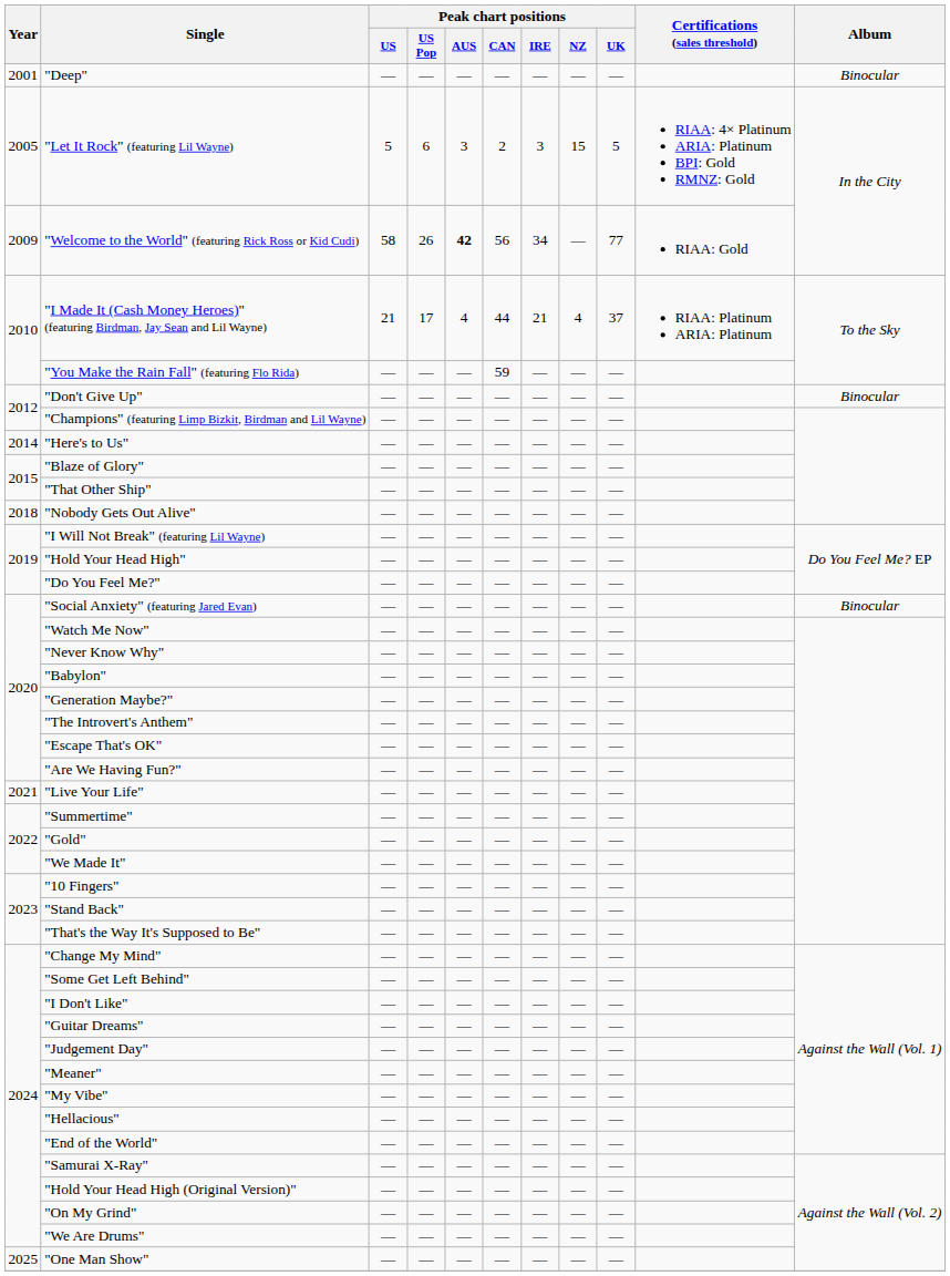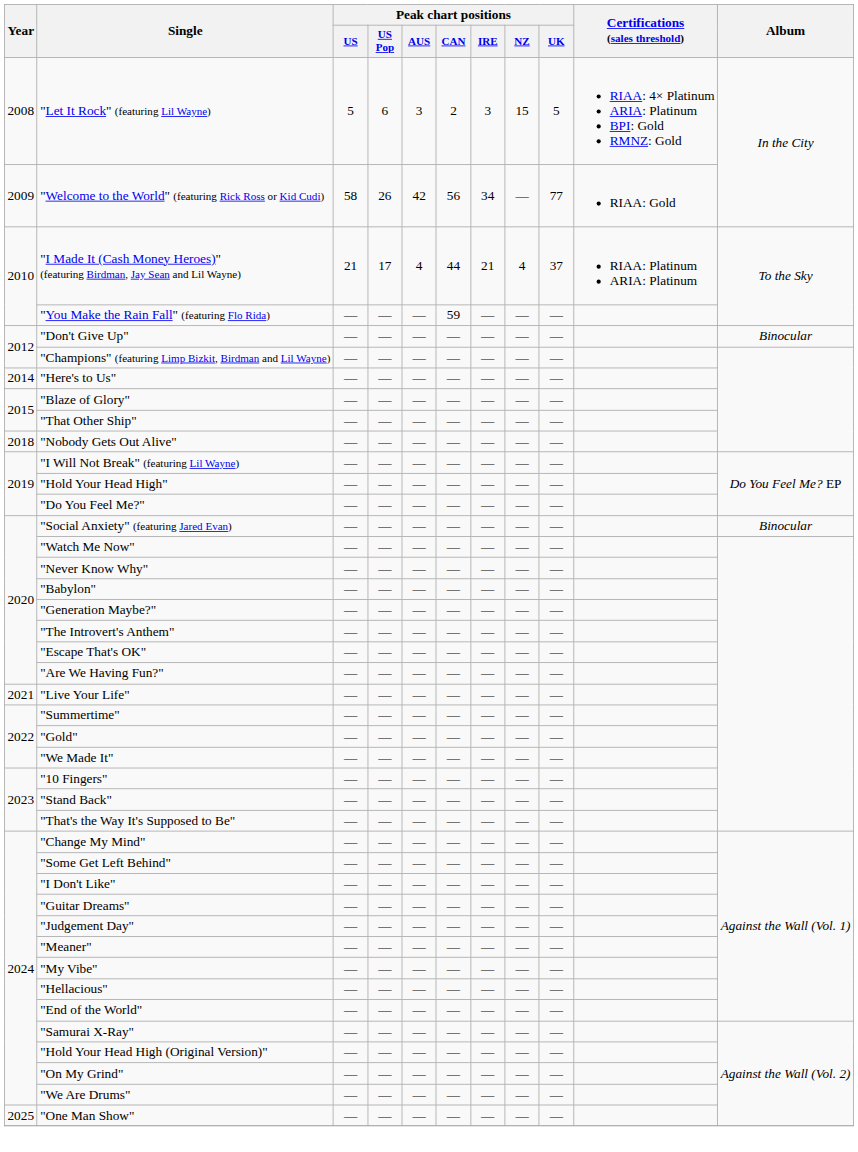 <table class="wikitable" style="text-align:center;">
 <tr>
 <th rowspan="2">Year</th>
 <th rowspan="2">Single</th>
 <th colspan="7">Peak chart positions</th>
 <th rowspan="2"><a href='#'>Certifications</a><br><small>(<a href='#'>sales threshold</a>)</small></th>
 <th rowspan="2">Album</th>
 </tr>
 <tr style="font-size:smaller;">
 <th style="width:35px;"><a href='#'>US</a><br></th>
 <th style="width:35px;"><a href='#'>US Pop</a><br></th>
 <th style="width:35px;"><a href='#'>AUS</a><br></th>
 <th style="width:35px;"><a href='#'>CAN</a><br></th>
 <th style="width:35px;"><a href='#'>IRE</a><br></th>
 <th style="width:35px;"><a href='#'>NZ</a><br></th>
 <th style="width:35px;"><a href='#'>UK</a><br></th>
 </tr>
 <tr>
-<td>2001</td>
-<td style="text-align:left;">"Deep"</td>
-<td>―</td>
-<td>―</td>
-<td>―</td>
-<td>―</td>
-<td>―</td>
-<td>―</td>
-<td>―</td>
-<td></td>
-<td><em>Binocular</em></td>
-</tr>
-<tr>
-<td>2005</td>
+<td>2008</td>
 <td style="text-align:left;">"<a href='#'>Let It Rock</a>" <small>(featuring <a href='#'>Lil Wayne</a>)</small></td>
 <td>5</td>
 <td>6</td>
 <td>3</td>
 <td>2</td>
 <td>3</td>
 <td>15</td>
 <td>5</td>
 <td style="text-align:left;"><br><ul><li><a href='#'>RIAA</a>: 4× Platinum</li><li><a href='#'>ARIA</a>: Platinum</li><li><a href='#'>BPI</a>: Gold</li><li><a href='#'>RMNZ</a>: Gold</li></ul></td>
 <td rowspan="2"><em>In the City</em></td>
 </tr>
 <tr>
 <td>2009</td>
 <td style="text-align:left;">"<a href='#'>Welcome to the World</a>" <small>(featuring <a href='#'>Rick Ross</a> or <a href='#'>Kid Cudi</a>)</small></td>
 <td>58</td>
 <td>26</td>
-<td><strong>42</strong></td>
+<td>42</td>
 <td>56</td>
 <td>34</td>
 <td>―</td>
 <td>77</td>
 <td style="text-align:left;"><br><ul><li>RIAA: Gold</li></ul></td>
 </tr>
 <tr>
 <td style="text-align:left;" rowspan="2">2010</td>
 <td style="text-align:left;">"<a href='#'>I Made It (Cash Money Heroes)</a>"<br><small>(featuring <a href='#'>Birdman</a>, <a href='#'>Jay Sean</a> and Lil Wayne)</small></td>
 <td>21</td>
 <td>17</td>
 <td>4</td>
 <td>44</td>
 <td>21</td>
 <td>4</td>
 <td>37</td>
 <td style="text-align:left;"><br><ul><li>RIAA: Platinum</li><li>ARIA: Platinum</li></ul></td>
 <td rowspan="2"><em>To the Sky</em></td>
 </tr>
 <tr>
 <td style="text-align:left;">"<a href='#'>You Make the Rain Fall</a>" <small>(featuring <a href='#'>Flo Rida</a>)</small></td>
 <td>―</td>
 <td>―</td>
 <td>―</td>
 <td>59</td>
 <td>―</td>
 <td>―</td>
 <td>―</td>
 <td></td>
 </tr>
 <tr>
 <td style="text-align:left;" rowspan="2">2012</td>
 <td style="text-align:left;">"Don't Give Up"</td>
 <td>―</td>
 <td>―</td>
 <td>―</td>
 <td>―</td>
 <td>―</td>
 <td>―</td>
 <td>―</td>
 <td></td>
 <td><em>Binocular</em></td>
 </tr>
 <tr>
 <td style="text-align:left;">"Champions" <small>(featuring <a href='#'>Limp Bizkit</a>, <a href='#'>Birdman</a> and <a href='#'>Lil Wayne</a>)</small></td>
 <td>―</td>
 <td>―</td>
 <td>―</td>
 <td>―</td>
 <td>―</td>
 <td>―</td>
 <td>―</td>
 <td></td>
 </tr>
 <tr>
 <td style="text-align:left;">2014</td>
 <td style="text-align:left;">"Here's to Us"</td>
 <td>―</td>
 <td>―</td>
 <td>―</td>
 <td>―</td>
 <td>―</td>
 <td>―</td>
 <td>―</td>
 <td></td>
 </tr>
 <tr>
 <td style="text-align:left;" rowspan="2">2015</td>
 <td style="text-align:left;">"Blaze of Glory"</td>
 <td>―</td>
 <td>―</td>
 <td>―</td>
 <td>―</td>
 <td>―</td>
 <td>―</td>
 <td>―</td>
 <td></td>
 </tr>
 <tr>
 <td style="text-align:left;">"That Other Ship"</td>
 <td>―</td>
 <td>―</td>
 <td>―</td>
 <td>―</td>
 <td>―</td>
 <td>―</td>
 <td>―</td>
 <td></td>
 </tr>
 <tr>
 <td style="text-align:left;">2018</td>
 <td style="text-align:left;">"Nobody Gets Out Alive"</td>
 <td>―</td>
 <td>―</td>
 <td>―</td>
 <td>―</td>
 <td>―</td>
 <td>―</td>
 <td>―</td>
 <td></td>
 </tr>
 <tr>
 <td style="text-align:left;" rowspan="3">2019</td>
 <td style="text-align:left;">"I Will Not Break" <small>(featuring <a href='#'>Lil Wayne</a>)</small></td>
 <td>―</td>
 <td>―</td>
 <td>―</td>
 <td>―</td>
 <td>―</td>
 <td>―</td>
 <td>―</td>
 <td></td>
 <td rowspan="3"><em>Do You Feel Me?</em> EP</td>
 </tr>
 <tr>
 <td style="text-align:left;">"Hold Your Head High"</td>
 <td>―</td>
 <td>―</td>
 <td>―</td>
 <td>―</td>
 <td>―</td>
 <td>―</td>
 <td>―</td>
 <td></td>
 </tr>
 <tr>
 <td style="text-align:left;">"Do You Feel Me?"</td>
 <td>―</td>
 <td>―</td>
 <td>―</td>
 <td>―</td>
 <td>―</td>
 <td>―</td>
 <td>―</td>
 <td></td>
 </tr>
 <tr>
 <td style="text-align:left;" rowspan="8">2020</td>
 <td style="text-align:left;">"Social Anxiety" <small>(featuring <a href='#'>Jared Evan</a>)</small></td>
 <td>―</td>
 <td>―</td>
 <td>―</td>
 <td>―</td>
 <td>―</td>
 <td>―</td>
 <td>―</td>
 <td></td>
 <td><em>Binocular</em></td>
 </tr>
 <tr>
 <td style="text-align:left;">"Watch Me Now"</td>
 <td>―</td>
 <td>―</td>
 <td>―</td>
 <td>―</td>
 <td>―</td>
 <td>―</td>
 <td>―</td>
 <td></td>
 </tr>
 <tr>
 <td style="text-align:left;">"Never Know Why"</td>
 <td>―</td>
 <td>―</td>
 <td>―</td>
 <td>―</td>
 <td>―</td>
 <td>―</td>
 <td>―</td>
 <td></td>
 </tr>
 <tr>
 <td style="text-align:left;">"Babylon"</td>
 <td>―</td>
 <td>―</td>
 <td>―</td>
 <td>―</td>
 <td>―</td>
 <td>―</td>
 <td>―</td>
 <td></td>
 </tr>
 <tr>
 <td style="text-align:left;">"Generation Maybe?"</td>
 <td>―</td>
 <td>―</td>
 <td>―</td>
 <td>―</td>
 <td>―</td>
 <td>―</td>
 <td>―</td>
 <td></td>
 </tr>
 <tr>
 <td style="text-align:left;">"The Introvert's Anthem"</td>
 <td>―</td>
 <td>―</td>
 <td>―</td>
 <td>―</td>
 <td>―</td>
 <td>―</td>
 <td>―</td>
 <td></td>
 </tr>
 <tr>
 <td style="text-align:left;">"Escape That's OK"</td>
 <td>―</td>
 <td>―</td>
 <td>―</td>
 <td>―</td>
 <td>―</td>
 <td>―</td>
 <td>―</td>
 <td></td>
 </tr>
 <tr>
 <td style="text-align:left;">"Are We Having Fun?"</td>
 <td>―</td>
 <td>―</td>
 <td>―</td>
 <td>―</td>
 <td>―</td>
 <td>―</td>
 <td>―</td>
 <td></td>
 </tr>
 <tr>
 <td style="text-align:left;">2021</td>
 <td style="text-align:left;">"Live Your Life"</td>
 <td>―</td>
 <td>―</td>
 <td>―</td>
 <td>―</td>
 <td>―</td>
 <td>―</td>
 <td>―</td>
 <td></td>
 </tr>
 <tr>
 <td style="text-align:left;" rowspan="3">2022</td>
 <td style="text-align:left;">"Summertime"</td>
 <td>―</td>
 <td>―</td>
 <td>―</td>
 <td>―</td>
 <td>―</td>
 <td>―</td>
 <td>―</td>
 <td></td>
 </tr>
 <tr>
 <td style="text-align:left;">"Gold"</td>
 <td>―</td>
 <td>―</td>
 <td>―</td>
 <td>―</td>
 <td>―</td>
 <td>―</td>
 <td>―</td>
 <td></td>
 </tr>
 <tr>
 <td style="text-align:left;">"We Made It"</td>
 <td>―</td>
 <td>―</td>
 <td>―</td>
 <td>―</td>
 <td>―</td>
 <td>―</td>
 <td>―</td>
 <td></td>
 </tr>
 <tr>
 <td style="text-align:left;" rowspan="3">2023</td>
 <td style="text-align:left;">"10 Fingers"</td>
 <td>―</td>
 <td>―</td>
 <td>―</td>
 <td>―</td>
 <td>―</td>
 <td>―</td>
 <td>―</td>
 <td></td>
 </tr>
 <tr>
 <td style="text-align:left;">"Stand Back"</td>
 <td>―</td>
 <td>―</td>
 <td>―</td>
 <td>―</td>
 <td>―</td>
 <td>―</td>
 <td>―</td>
 <td></td>
 </tr>
 <tr>
 <td style="text-align:left;">"That's the Way It's Supposed to Be"</td>
 <td>―</td>
 <td>―</td>
 <td>―</td>
 <td>―</td>
 <td>―</td>
 <td>―</td>
 <td>―</td>
 <td></td>
 </tr>
 <tr>
 <td style="text-align:left;" rowspan="13">2024</td>
 <td style="text-align:left;">"Change My Mind"</td>
 <td>―</td>
 <td>―</td>
 <td>―</td>
 <td>―</td>
 <td>―</td>
 <td>―</td>
 <td>―</td>
 <td></td>
 <td rowspan="9"><em>Against the Wall (Vol. 1)</em></td>
 </tr>
 <tr>
 <td style="text-align:left;">"Some Get Left Behind"</td>
 <td>―</td>
 <td>―</td>
 <td>―</td>
 <td>―</td>
 <td>―</td>
 <td>―</td>
 <td>―</td>
 <td></td>
 </tr>
 <tr>
 <td style="text-align:left;">"I Don't Like"</td>
 <td>―</td>
 <td>―</td>
 <td>―</td>
 <td>―</td>
 <td>―</td>
 <td>―</td>
 <td>―</td>
 <td></td>
 </tr>
 <tr>
 <td style="text-align:left;">"Guitar Dreams"</td>
 <td>―</td>
 <td>―</td>
 <td>―</td>
 <td>―</td>
 <td>―</td>
 <td>―</td>
 <td>―</td>
 <td></td>
 </tr>
 <tr>
 <td style="text-align:left;">"Judgement Day"</td>
 <td>―</td>
 <td>―</td>
 <td>―</td>
 <td>―</td>
 <td>―</td>
 <td>―</td>
 <td>―</td>
 <td></td>
 </tr>
 <tr>
 <td style="text-align:left;">"Meaner"</td>
 <td>―</td>
 <td>―</td>
 <td>―</td>
 <td>―</td>
 <td>―</td>
 <td>―</td>
 <td>―</td>
 <td></td>
 </tr>
 <tr>
 <td style="text-align:left;">"My Vibe"</td>
 <td>―</td>
 <td>―</td>
 <td>―</td>
 <td>―</td>
 <td>―</td>
 <td>―</td>
 <td>―</td>
 <td></td>
 </tr>
 <tr>
 <td style="text-align:left;">"Hellacious"</td>
 <td>―</td>
 <td>―</td>
 <td>―</td>
 <td>―</td>
 <td>―</td>
 <td>―</td>
 <td>―</td>
 <td></td>
 </tr>
 <tr>
 <td style="text-align:left;">"End of the World"</td>
 <td>―</td>
 <td>―</td>
 <td>―</td>
 <td>―</td>
 <td>―</td>
 <td>―</td>
 <td>―</td>
 <td></td>
 </tr>
 <tr>
 <td style="text-align:left;">"Samurai X-Ray"</td>
 <td>―</td>
 <td>―</td>
 <td>―</td>
 <td>―</td>
 <td>―</td>
 <td>―</td>
 <td>―</td>
 <td></td>
 <td rowspan="5"><em>Against the Wall (Vol. 2)</em></td>
 </tr>
 <tr>
 <td style="text-align:left;">"Hold Your Head High (Original Version)"</td>
 <td>―</td>
 <td>―</td>
 <td>―</td>
 <td>―</td>
 <td>―</td>
 <td>―</td>
 <td>―</td>
 <td></td>
 </tr>
 <tr>
 <td style="text-align:left;">"On My Grind"</td>
 <td>―</td>
 <td>―</td>
 <td>―</td>
 <td>―</td>
 <td>―</td>
 <td>―</td>
 <td>―</td>
 <td></td>
 </tr>
 <tr>
 <td style="text-align:left;">"We Are Drums"</td>
 <td>―</td>
 <td>―</td>
 <td>―</td>
 <td>―</td>
 <td>―</td>
 <td>―</td>
 <td>―</td>
 <td></td>
 </tr>
 <tr>
 <td>2025</td>
 <td style="text-align:left;">"One Man Show"</td>
 <td>―</td>
 <td>―</td>
 <td>―</td>
 <td>―</td>
 <td>―</td>
 <td>―</td>
 <td>―</td>
 <td></td>
 </tr>
 <tr>
 </tr>
 </table>
